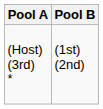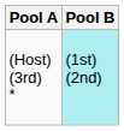 <table class="wikitable">
 <tr>
 <th width=50%>Pool A</th>
 <th width=50%>Pool B</th>
 </tr>
 <tr>
 <td><br> (Host)<br>  (3rd)<br> <s></s> *<br> <br> </td>
-<td><br> (1st)<br>  (2nd)<br> <br> <br> </td>
+<td style="background: paleturquoise;"><br> (1st)<br>  (2nd)<br> <br> <br> </td>
 </tr>
 </table>
